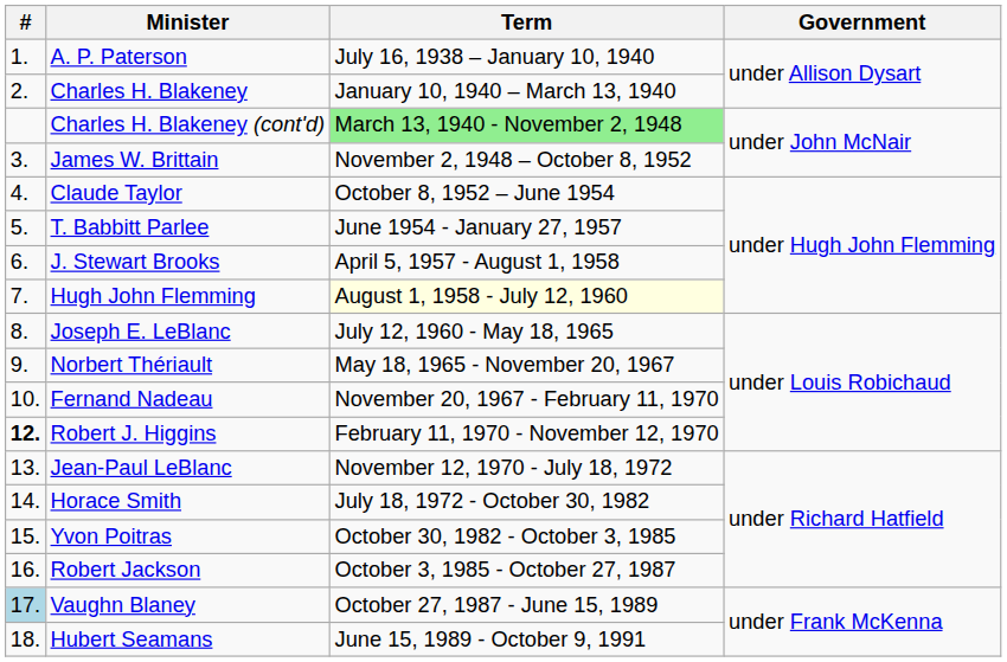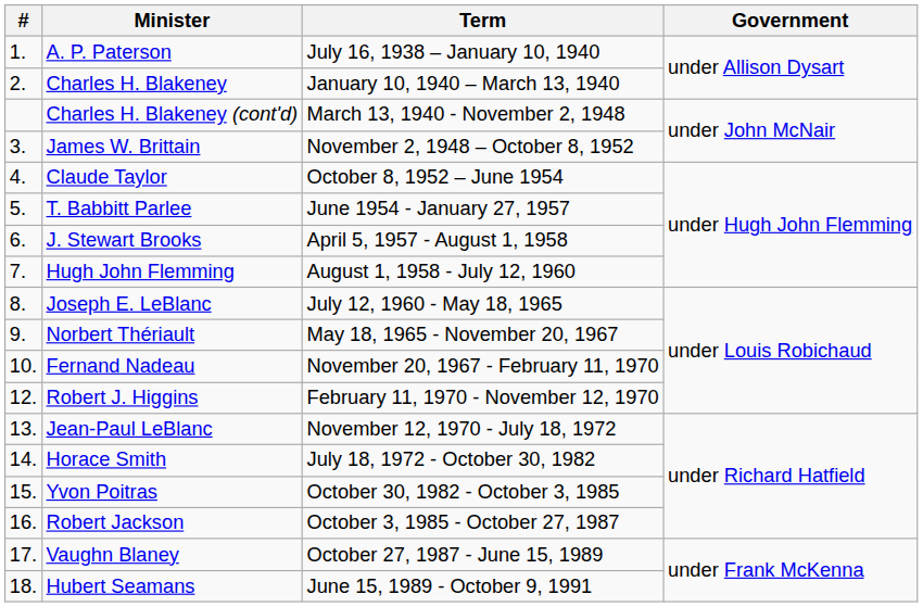 <table class="wikitable">
 <tr>
 <th>#</th>
 <th>Minister</th>
 <th>Term</th>
 <th>Government</th>
 </tr>
 <tr>
 <td>1.</td>
 <td><a href='#'>A. P. Paterson</a></td>
 <td>July 16, 1938 – January 10, 1940</td>
 <td rowspan=2>under <a href='#'>Allison Dysart</a></td>
 </tr>
 <tr>
 <td>2.</td>
 <td><a href='#'>Charles H. Blakeney</a></td>
 <td>January 10, 1940 – March 13, 1940</td>
 </tr>
 <tr>
 <td></td>
 <td><a href='#'>Charles H. Blakeney</a> <em>(cont'd)</em></td>
-<td style="background: lightgreen;">March 13, 1940 - November 2, 1948</td>
+<td>March 13, 1940 - November 2, 1948</td>
 <td rowspan=2>under <a href='#'>John McNair</a></td>
 </tr>
 <tr>
 <td>3.</td>
 <td><a href='#'>James W. Brittain</a></td>
 <td>November 2, 1948 – October 8, 1952</td>
 </tr>
 <tr>
 <td>4.</td>
 <td><a href='#'>Claude Taylor</a></td>
 <td>October 8, 1952 – June 1954</td>
 <td rowspan=4>under <a href='#'>Hugh John Flemming</a></td>
 </tr>
 <tr>
 <td>5.</td>
 <td><a href='#'>T. Babbitt Parlee</a></td>
 <td>June 1954 - January 27, 1957</td>
 </tr>
 <tr>
 <td>6.</td>
 <td><a href='#'>J. Stewart Brooks</a></td>
 <td>April 5, 1957 - August 1, 1958</td>
 </tr>
 <tr>
 <td>7.</td>
 <td><a href='#'>Hugh John Flemming</a></td>
-<td style="background: lightyellow;">August 1, 1958 - July 12, 1960</td>
+<td>August 1, 1958 - July 12, 1960</td>
 </tr>
 <tr>
 <td>8.</td>
 <td><a href='#'>Joseph E. LeBlanc</a></td>
 <td>July 12, 1960 - May 18, 1965</td>
 <td rowspan=4>under <a href='#'>Louis Robichaud</a></td>
 </tr>
 <tr>
 <td>9.</td>
 <td><a href='#'>Norbert Thériault</a></td>
 <td>May 18, 1965 - November 20, 1967</td>
 </tr>
 <tr>
 <td>10.</td>
 <td><a href='#'>Fernand Nadeau</a></td>
 <td>November 20, 1967 - February 11, 1970</td>
 </tr>
 <tr>
-<td><strong>12.</strong></td>
+<td>12.</td>
 <td><a href='#'>Robert J. Higgins</a></td>
 <td>February 11, 1970 - November 12, 1970</td>
 </tr>
 <tr>
 <td>13.</td>
 <td><a href='#'>Jean-Paul LeBlanc</a></td>
 <td>November 12, 1970 - July 18, 1972</td>
 <td rowspan=4>under <a href='#'>Richard Hatfield</a></td>
 </tr>
 <tr>
 <td>14.</td>
 <td><a href='#'>Horace Smith</a></td>
 <td>July 18, 1972 - October 30, 1982</td>
 </tr>
 <tr>
 <td>15.</td>
 <td><a href='#'>Yvon Poitras</a></td>
 <td>October 30, 1982 - October 3, 1985</td>
 </tr>
 <tr>
 <td>16.</td>
 <td><a href='#'>Robert Jackson</a></td>
 <td>October 3, 1985 - October 27, 1987</td>
 </tr>
 <tr>
-<td style="background: lightblue;">17.</td>
+<td>17.</td>
 <td><a href='#'>Vaughn Blaney</a></td>
 <td>October 27, 1987 - June 15, 1989</td>
 <td rowspan=2>under <a href='#'>Frank McKenna</a></td>
 </tr>
 <tr>
 <td>18.</td>
 <td><a href='#'>Hubert Seamans</a></td>
 <td>June 15, 1989 - October 9, 1991</td>
 </tr>
 </table>
